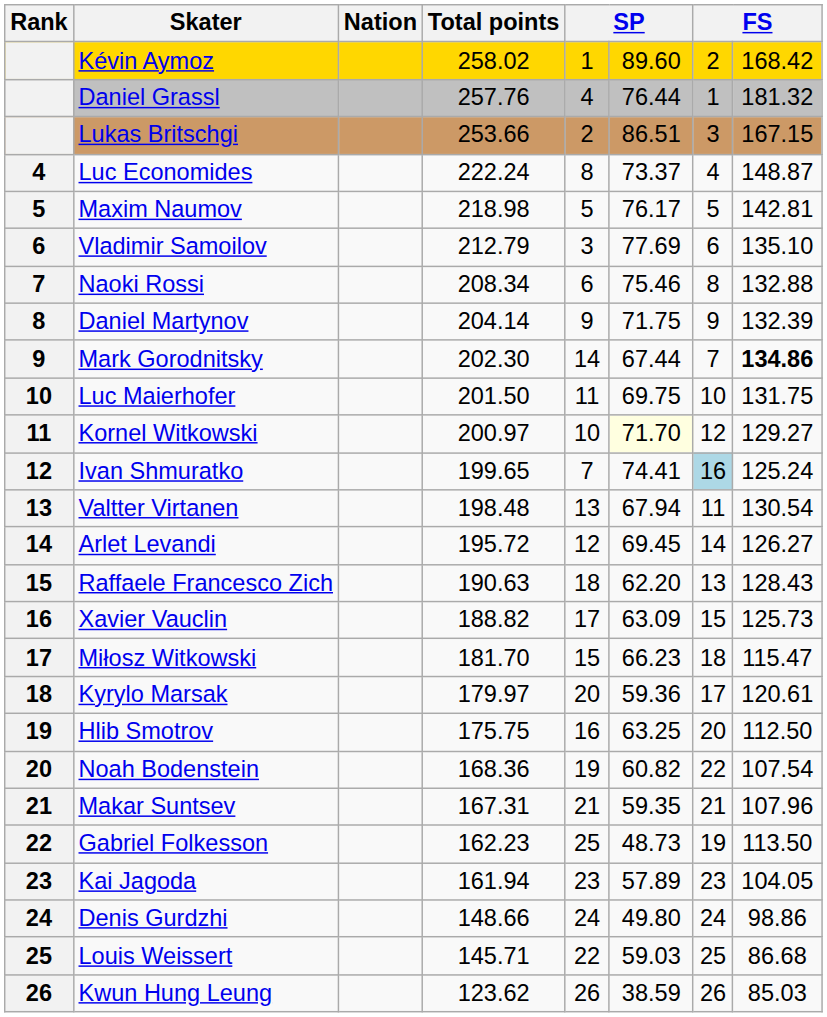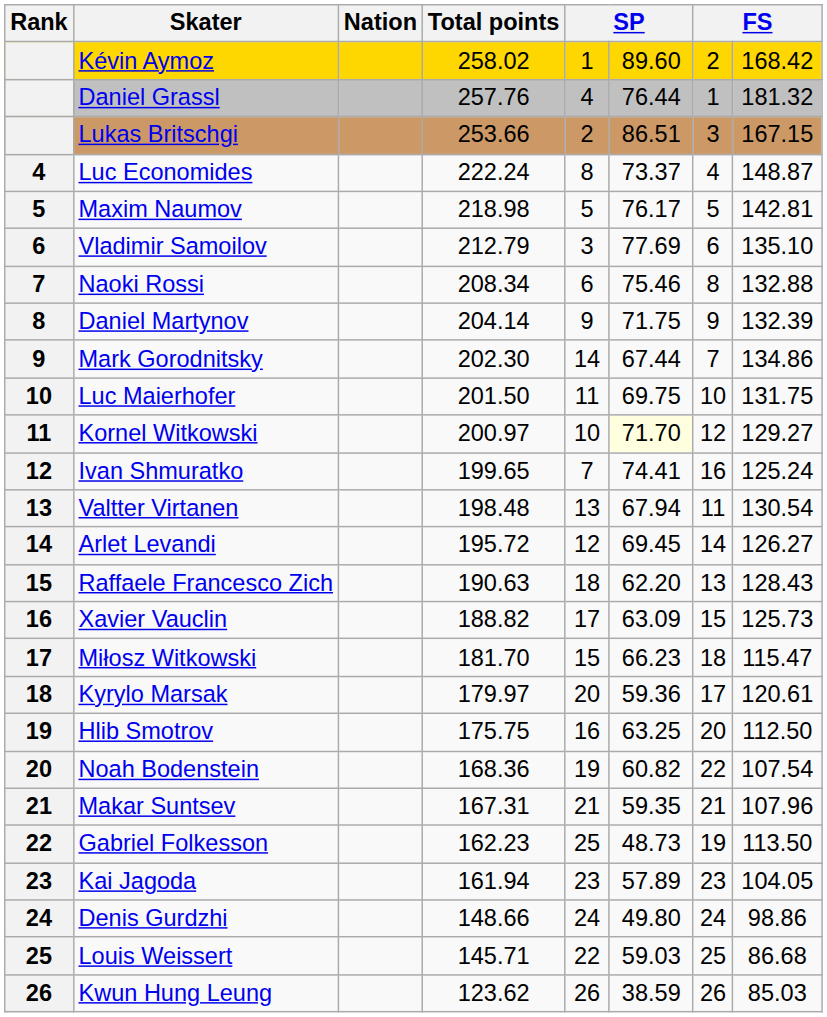 <table class="wikitable sortable" style="text-align:left">
 <tr>
 <th scope="col">Rank</th>
 <th scope="col">Skater</th>
 <th scope="col">Nation</th>
 <th scope="col">Total points</th>
 <th scope="col" colspan="2" width="80px"><a href='#'>SP</a></th>
 <th scope="col" colspan="2" width="80px"><a href='#'>FS</a></th>
 </tr>
 <tr bgcolor="gold">
 <th scope="row"></th>
 <td><a href='#'>Kévin Aymoz</a></td>
 <td></td>
 <td align="center">258.02</td>
 <td align="center">1</td>
 <td align="center">89.60</td>
 <td align="center">2</td>
 <td align="center">168.42</td>
 </tr>
 <tr bgcolor="silver">
 <th scope="row"></th>
 <td><a href='#'>Daniel Grassl</a></td>
 <td></td>
 <td align="center">257.76</td>
 <td align="center">4</td>
 <td align="center">76.44</td>
 <td align="center">1</td>
 <td align="center">181.32</td>
 </tr>
 <tr bgcolor="cc9966">
 <th scope="row"></th>
 <td><a href='#'>Lukas Britschgi</a></td>
 <td></td>
 <td align="center">253.66</td>
 <td align="center">2</td>
 <td align="center">86.51</td>
 <td align="center">3</td>
 <td align="center">167.15</td>
 </tr>
 <tr>
 <th scope="row">4</th>
 <td><a href='#'>Luc Economides</a></td>
 <td></td>
 <td align="center">222.24</td>
 <td align="center">8</td>
 <td align="center">73.37</td>
 <td align="center">4</td>
 <td align="center">148.87</td>
 </tr>
 <tr>
 <th scope="row">5</th>
 <td><a href='#'>Maxim Naumov</a></td>
 <td></td>
 <td align="center">218.98</td>
 <td align="center">5</td>
 <td align="center">76.17</td>
 <td align="center">5</td>
 <td align="center">142.81</td>
 </tr>
 <tr>
 <th scope="row">6</th>
 <td><a href='#'>Vladimir Samoilov</a></td>
 <td></td>
 <td align="center">212.79</td>
 <td align="center">3</td>
 <td align="center">77.69</td>
 <td align="center">6</td>
 <td align="center">135.10</td>
 </tr>
 <tr>
 <th scope="row">7</th>
 <td><a href='#'>Naoki Rossi</a></td>
 <td></td>
 <td align="center">208.34</td>
 <td align="center">6</td>
 <td align="center">75.46</td>
 <td align="center">8</td>
 <td align="center">132.88</td>
 </tr>
 <tr>
 <th scope="row">8</th>
 <td><a href='#'>Daniel Martynov</a></td>
 <td></td>
 <td align="center">204.14</td>
 <td align="center">9</td>
 <td align="center">71.75</td>
 <td align="center">9</td>
 <td align="center">132.39</td>
 </tr>
 <tr>
 <th scope="row">9</th>
 <td><a href='#'>Mark Gorodnitsky</a></td>
 <td></td>
 <td align="center">202.30</td>
 <td align="center">14</td>
 <td align="center">67.44</td>
 <td align="center">7</td>
-<td align="center"><strong>134.86</strong></td>
+<td align="center">134.86</td>
 </tr>
 <tr>
 <th scope="row">10</th>
 <td><a href='#'>Luc Maierhofer</a></td>
 <td></td>
 <td align="center">201.50</td>
 <td align="center">11</td>
 <td align="center">69.75</td>
 <td align="center">10</td>
 <td align="center">131.75</td>
 </tr>
 <tr>
 <th scope="row">11</th>
 <td><a href='#'>Kornel Witkowski</a></td>
 <td></td>
 <td align="center">200.97</td>
 <td align="center">10</td>
 <td align="center" style="background: lightyellow;">71.70</td>
 <td align="center">12</td>
 <td align="center">129.27</td>
 </tr>
 <tr>
 <th scope="row">12</th>
 <td><a href='#'>Ivan Shmuratko</a></td>
 <td></td>
 <td align="center">199.65</td>
 <td align="center">7</td>
 <td align="center">74.41</td>
-<td align="center" style="background: lightblue;">16</td>
+<td align="center">16</td>
 <td align="center">125.24</td>
 </tr>
 <tr>
 <th scope="row">13</th>
 <td><a href='#'>Valtter Virtanen</a></td>
 <td></td>
 <td align="center">198.48</td>
 <td align="center">13</td>
 <td align="center">67.94</td>
 <td align="center">11</td>
 <td align="center">130.54</td>
 </tr>
 <tr>
 <th scope="row">14</th>
 <td><a href='#'>Arlet Levandi</a></td>
 <td></td>
 <td align="center">195.72</td>
 <td align="center">12</td>
 <td align="center">69.45</td>
 <td align="center">14</td>
 <td align="center">126.27</td>
 </tr>
 <tr>
 <th scope="row">15</th>
 <td><a href='#'>Raffaele Francesco Zich</a></td>
 <td></td>
 <td align="center">190.63</td>
 <td align="center">18</td>
 <td align="center">62.20</td>
 <td align="center">13</td>
 <td align="center">128.43</td>
 </tr>
 <tr>
 <th scope="row">16</th>
 <td><a href='#'>Xavier Vauclin</a></td>
 <td></td>
 <td align="center">188.82</td>
 <td align="center">17</td>
 <td align="center">63.09</td>
 <td align="center">15</td>
 <td align="center">125.73</td>
 </tr>
 <tr>
 <th scope="row">17</th>
 <td><a href='#'>Miłosz Witkowski</a></td>
 <td></td>
 <td align="center">181.70</td>
 <td align="center">15</td>
 <td align="center">66.23</td>
 <td align="center">18</td>
 <td align="center">115.47</td>
 </tr>
 <tr>
 <th scope="row">18</th>
 <td><a href='#'>Kyrylo Marsak</a></td>
 <td></td>
 <td align="center">179.97</td>
 <td align="center">20</td>
 <td align="center">59.36</td>
 <td align="center">17</td>
 <td align="center">120.61</td>
 </tr>
 <tr>
 <th scope="row">19</th>
 <td><a href='#'>Hlib Smotrov</a></td>
 <td></td>
 <td align="center">175.75</td>
 <td align="center">16</td>
 <td align="center">63.25</td>
 <td align="center">20</td>
 <td align="center">112.50</td>
 </tr>
 <tr>
 <th scope="row">20</th>
 <td><a href='#'>Noah Bodenstein</a></td>
 <td></td>
 <td align="center">168.36</td>
 <td align="center">19</td>
 <td align="center">60.82</td>
 <td align="center">22</td>
 <td align="center">107.54</td>
 </tr>
 <tr>
 <th scope="row">21</th>
 <td><a href='#'>Makar Suntsev</a></td>
 <td></td>
 <td align="center">167.31</td>
 <td align="center">21</td>
 <td align="center">59.35</td>
 <td align="center">21</td>
 <td align="center">107.96</td>
 </tr>
 <tr>
 <th scope="row">22</th>
 <td><a href='#'>Gabriel Folkesson</a></td>
 <td></td>
 <td align="center">162.23</td>
 <td align="center">25</td>
 <td align="center">48.73</td>
 <td align="center">19</td>
 <td align="center">113.50</td>
 </tr>
 <tr>
 <th scope="row">23</th>
 <td><a href='#'>Kai Jagoda</a></td>
 <td></td>
 <td align="center">161.94</td>
 <td align="center">23</td>
 <td align="center">57.89</td>
 <td align="center">23</td>
 <td align="center">104.05</td>
 </tr>
 <tr>
 <th scope="row">24</th>
 <td><a href='#'>Denis Gurdzhi</a></td>
 <td></td>
 <td align="center">148.66</td>
 <td align="center">24</td>
 <td align="center">49.80</td>
 <td align="center">24</td>
 <td align="center">98.86</td>
 </tr>
 <tr>
 <th scope="row">25</th>
 <td><a href='#'>Louis Weissert</a></td>
 <td></td>
 <td align="center">145.71</td>
 <td align="center">22</td>
 <td align="center">59.03</td>
 <td align="center">25</td>
 <td align="center">86.68</td>
 </tr>
 <tr>
 <th scope="row">26</th>
 <td><a href='#'>Kwun Hung Leung</a></td>
 <td></td>
 <td align="center">123.62</td>
 <td align="center">26</td>
 <td align="center">38.59</td>
 <td align="center">26</td>
 <td align="center">85.03</td>
 </tr>
 </table>
